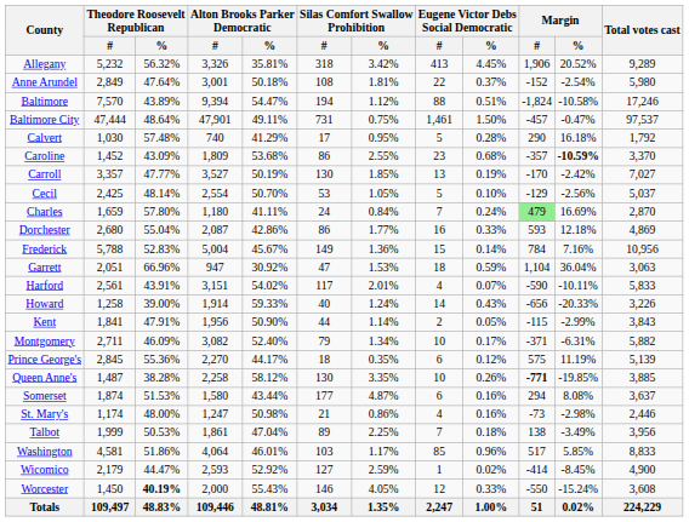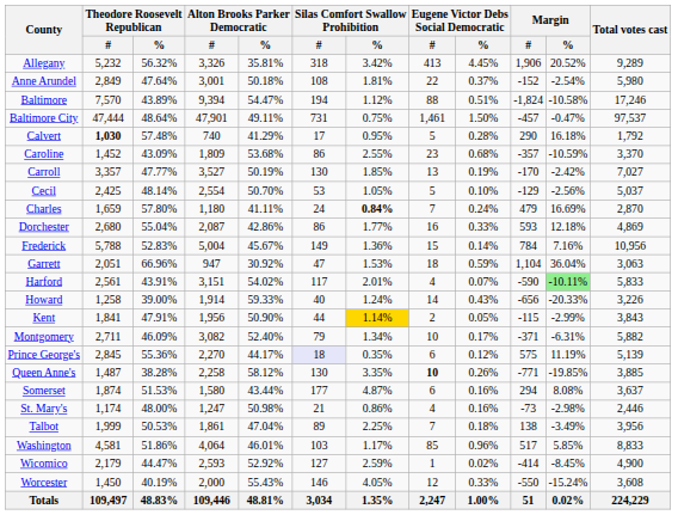 <table class="wikitable sortable" style="text-align:center">
 <tr>
 <th style="text-align:center;" rowspan="2">County</th>
 <th style="text-align:center;" colspan="2">Theodore Roosevelt<br>Republican</th>
 <th style="text-align:center;" colspan="2">Alton Brooks Parker<br>Democratic</th>
 <th style="text-align:center;" colspan="2">Silas Comfort Swallow<br>Prohibition</th>
 <th style="text-align:center;" colspan="2">Eugene Victor Debs<br>Social Democratic</th>
 <th style="text-align:center;" colspan="2">Margin</th>
 <th style="text-align:center;" rowspan="2">Total votes cast</th>
 </tr>
 <tr>
 <th style="text-align:center;" data-sort-type="number">#</th>
 <th style="text-align:center;" data-sort-type="number">%</th>
 <th style="text-align:center;" data-sort-type="number">#</th>
 <th style="text-align:center;" data-sort-type="number">%</th>
 <th style="text-align:center;" data-sort-type="number">#</th>
 <th style="text-align:center;" data-sort-type="number">%</th>
 <th style="text-align:center;" data-sort-type="number">#</th>
 <th style="text-align:center;" data-sort-type="number">%</th>
 <th style="text-align:center;" data-sort-type="number">#</th>
 <th style="text-align:center;" data-sort-type="number">%</th>
 </tr>
 <tr style="text-align:center;">
 <td><a href='#'>Allegany</a></td>
 <td>5,232</td>
 <td>56.32%</td>
 <td>3,326</td>
 <td>35.81%</td>
 <td>318</td>
 <td>3.42%</td>
 <td>413</td>
 <td>4.45%</td>
 <td>1,906</td>
 <td>20.52%</td>
 <td>9,289</td>
 </tr>
 <tr style="text-align:center;">
 <td><a href='#'>Anne Arundel</a></td>
 <td>2,849</td>
 <td>47.64%</td>
 <td>3,001</td>
 <td>50.18%</td>
 <td>108</td>
 <td>1.81%</td>
 <td>22</td>
 <td>0.37%</td>
 <td>-152</td>
 <td>-2.54%</td>
 <td>5,980</td>
 </tr>
 <tr style="text-align:center;">
 <td><a href='#'>Baltimore</a></td>
 <td>7,570</td>
 <td>43.89%</td>
 <td>9,394</td>
 <td>54.47%</td>
 <td>194</td>
 <td>1.12%</td>
 <td>88</td>
 <td>0.51%</td>
 <td>-1,824</td>
 <td>-10.58%</td>
 <td>17,246</td>
 </tr>
 <tr style="text-align:center;">
 <td><a href='#'>Baltimore City</a></td>
 <td>47,444</td>
 <td>48.64%</td>
 <td>47,901</td>
 <td>49.11%</td>
 <td>731</td>
 <td>0.75%</td>
 <td>1,461</td>
 <td>1.50%</td>
 <td>-457</td>
 <td>-0.47%</td>
 <td>97,537</td>
 </tr>
 <tr style="text-align:center;">
 <td><a href='#'>Calvert</a></td>
-<td>1,030</td>
+<td><strong>1,030</strong></td>
 <td>57.48%</td>
 <td>740</td>
 <td>41.29%</td>
 <td>17</td>
 <td>0.95%</td>
 <td>5</td>
 <td>0.28%</td>
 <td>290</td>
 <td>16.18%</td>
 <td>1,792</td>
 </tr>
 <tr style="text-align:center;">
 <td><a href='#'>Caroline</a></td>
 <td>1,452</td>
 <td>43.09%</td>
 <td>1,809</td>
 <td>53.68%</td>
 <td>86</td>
 <td>2.55%</td>
 <td>23</td>
 <td>0.68%</td>
 <td>-357</td>
-<td><strong>-10.59%</strong></td>
+<td>-10.59%</td>
 <td>3,370</td>
 </tr>
 <tr style="text-align:center;">
 <td><a href='#'>Carroll</a></td>
 <td>3,357</td>
 <td>47.77%</td>
 <td>3,527</td>
 <td>50.19%</td>
 <td>130</td>
 <td>1.85%</td>
 <td>13</td>
 <td>0.19%</td>
 <td>-170</td>
 <td>-2.42%</td>
 <td>7,027</td>
 </tr>
 <tr style="text-align:center;">
 <td><a href='#'>Cecil</a></td>
 <td>2,425</td>
 <td>48.14%</td>
 <td>2,554</td>
 <td>50.70%</td>
 <td>53</td>
 <td>1.05%</td>
 <td>5</td>
 <td>0.10%</td>
 <td>-129</td>
 <td>-2.56%</td>
 <td>5,037</td>
 </tr>
 <tr style="text-align:center;">
 <td><a href='#'>Charles</a></td>
 <td>1,659</td>
 <td>57.80%</td>
 <td>1,180</td>
 <td>41.11%</td>
 <td>24</td>
-<td>0.84%</td>
+<td><strong>0.84%</strong></td>
 <td>7</td>
 <td>0.24%</td>
-<td style="background: lightgreen;">479</td>
+<td>479</td>
 <td>16.69%</td>
 <td>2,870</td>
 </tr>
 <tr style="text-align:center;">
 <td><a href='#'>Dorchester</a></td>
 <td>2,680</td>
 <td>55.04%</td>
 <td>2,087</td>
 <td>42.86%</td>
 <td>86</td>
 <td>1.77%</td>
 <td>16</td>
 <td>0.33%</td>
 <td>593</td>
 <td>12.18%</td>
 <td>4,869</td>
 </tr>
 <tr style="text-align:center;">
 <td><a href='#'>Frederick</a></td>
 <td>5,788</td>
 <td>52.83%</td>
 <td>5,004</td>
 <td>45.67%</td>
 <td>149</td>
 <td>1.36%</td>
 <td>15</td>
 <td>0.14%</td>
 <td>784</td>
 <td>7.16%</td>
 <td>10,956</td>
 </tr>
 <tr style="text-align:center;">
 <td><a href='#'>Garrett</a></td>
 <td>2,051</td>
 <td>66.96%</td>
 <td>947</td>
 <td>30.92%</td>
 <td>47</td>
 <td>1.53%</td>
 <td>18</td>
 <td>0.59%</td>
 <td>1,104</td>
 <td>36.04%</td>
 <td>3,063</td>
 </tr>
 <tr style="text-align:center;">
 <td><a href='#'>Harford</a></td>
 <td>2,561</td>
 <td>43.91%</td>
 <td>3,151</td>
 <td>54.02%</td>
 <td>117</td>
 <td>2.01%</td>
 <td>4</td>
 <td>0.07%</td>
 <td>-590</td>
-<td>-10.11%</td>
+<td style="background: lightgreen;">-10.11%</td>
 <td>5,833</td>
 </tr>
 <tr style="text-align:center;">
 <td><a href='#'>Howard</a></td>
 <td>1,258</td>
 <td>39.00%</td>
 <td>1,914</td>
 <td>59.33%</td>
 <td>40</td>
 <td>1.24%</td>
 <td>14</td>
 <td>0.43%</td>
 <td>-656</td>
 <td>-20.33%</td>
 <td>3,226</td>
 </tr>
 <tr style="text-align:center;">
 <td><a href='#'>Kent</a></td>
 <td>1,841</td>
 <td>47.91%</td>
 <td>1,956</td>
 <td>50.90%</td>
 <td>44</td>
-<td>1.14%</td>
+<td style="background: gold;">1.14%</td>
 <td>2</td>
 <td>0.05%</td>
 <td>-115</td>
 <td>-2.99%</td>
 <td>3,843</td>
 </tr>
 <tr style="text-align:center;">
 <td><a href='#'>Montgomery</a></td>
 <td>2,711</td>
 <td>46.09%</td>
 <td>3,082</td>
 <td>52.40%</td>
 <td>79</td>
 <td>1.34%</td>
 <td>10</td>
 <td>0.17%</td>
 <td>-371</td>
 <td>-6.31%</td>
 <td>5,882</td>
 </tr>
 <tr style="text-align:center;">
 <td><a href='#'>Prince George's</a></td>
 <td>2,845</td>
 <td>55.36%</td>
 <td>2,270</td>
 <td>44.17%</td>
-<td>18</td>
+<td style="background: lavender;">18</td>
 <td>0.35%</td>
 <td>6</td>
 <td>0.12%</td>
 <td>575</td>
 <td>11.19%</td>
 <td>5,139</td>
 </tr>
 <tr style="text-align:center;">
 <td><a href='#'>Queen Anne's</a></td>
 <td>1,487</td>
 <td>38.28%</td>
 <td>2,258</td>
 <td>58.12%</td>
 <td>130</td>
 <td>3.35%</td>
-<td>10</td>
+<td><strong>10</strong></td>
 <td>0.26%</td>
-<td><strong>-771</strong></td>
+<td>-771</td>
 <td>-19.85%</td>
 <td>3,885</td>
 </tr>
 <tr style="text-align:center;">
 <td><a href='#'>Somerset</a></td>
 <td>1,874</td>
 <td>51.53%</td>
 <td>1,580</td>
 <td>43.44%</td>
 <td>177</td>
 <td>4.87%</td>
 <td>6</td>
 <td>0.16%</td>
 <td>294</td>
 <td>8.08%</td>
 <td>3,637</td>
 </tr>
 <tr style="text-align:center;">
 <td><a href='#'>St. Mary's</a></td>
 <td>1,174</td>
 <td>48.00%</td>
 <td>1,247</td>
 <td>50.98%</td>
 <td>21</td>
 <td>0.86%</td>
 <td>4</td>
 <td>0.16%</td>
 <td>-73</td>
 <td>-2.98%</td>
 <td>2,446</td>
 </tr>
 <tr style="text-align:center;">
 <td><a href='#'>Talbot</a></td>
 <td>1,999</td>
 <td>50.53%</td>
 <td>1,861</td>
 <td>47.04%</td>
 <td>89</td>
 <td>2.25%</td>
 <td>7</td>
 <td>0.18%</td>
 <td>138</td>
 <td>-3.49%</td>
 <td>3,956</td>
 </tr>
 <tr style="text-align:center;">
 <td><a href='#'>Washington</a></td>
 <td>4,581</td>
 <td>51.86%</td>
 <td>4,064</td>
 <td>46.01%</td>
 <td>103</td>
 <td>1.17%</td>
 <td>85</td>
 <td>0.96%</td>
 <td>517</td>
 <td>5.85%</td>
 <td>8,833</td>
 </tr>
 <tr style="text-align:center;">
 <td><a href='#'>Wicomico</a></td>
 <td>2,179</td>
 <td>44.47%</td>
 <td>2,593</td>
 <td>52.92%</td>
 <td>127</td>
 <td>2.59%</td>
 <td>1</td>
 <td>0.02%</td>
 <td>-414</td>
 <td>-8.45%</td>
 <td>4,900</td>
 </tr>
 <tr style="text-align:center;">
 <td><a href='#'>Worcester</a></td>
 <td>1,450</td>
-<td><strong>40.19%</strong></td>
+<td>40.19%</td>
 <td>2,000</td>
 <td>55.43%</td>
 <td>146</td>
 <td>4.05%</td>
 <td>12</td>
 <td>0.33%</td>
 <td>-550</td>
 <td>-15.24%</td>
 <td>3,608</td>
 </tr>
 <tr style="text-align:center;">
 <th>Totals</th>
 <th>109,497</th>
 <th>48.83%</th>
 <th>109,446</th>
 <th>48.81%</th>
 <th>3,034</th>
 <th>1.35%</th>
 <th>2,247</th>
 <th>1.00%</th>
 <th>51</th>
 <th>0.02%</th>
 <th>224,229</th>
 </tr>
 </table>
